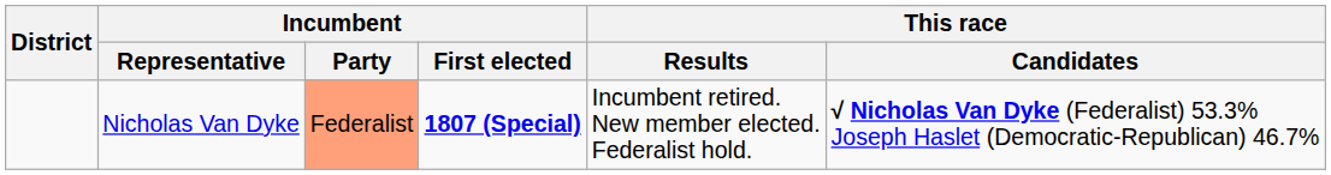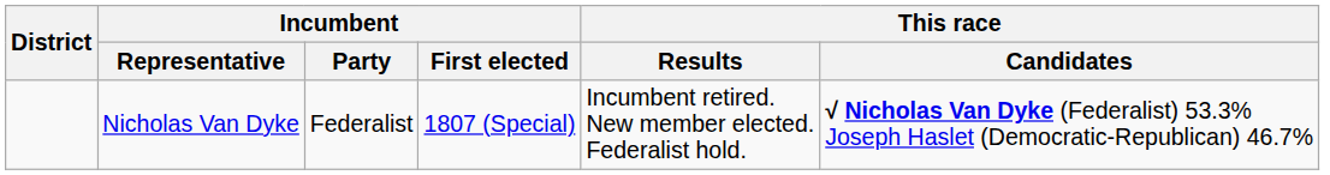 <table class=wikitable>
 <tr>
 <th rowspan=2>District</th>
 <th colspan=3>Incumbent</th>
 <th colspan=2>This race</th>
 </tr>
 <tr>
 <th>Representative</th>
 <th>Party</th>
 <th>First elected</th>
 <th>Results</th>
 <th>Candidates</th>
 </tr>
 <tr>
 <td></td>
 <td><a href='#'>Nicholas Van Dyke</a></td>
-<td style="background: lightsalmon;">Federalist</td>
-<td><strong><a href='#'>1807 (Special)</a></strong></td>
+<td>Federalist</td>
+<td><a href='#'>1807 (Special)</a></td>
 <td>Incumbent retired.<br>New member elected.<br>Federalist hold.</td>
 <td nowrap><strong>√ <a href='#'>Nicholas Van Dyke</a></strong> (Federalist) 53.3%<br><a href='#'>Joseph Haslet</a> (Democratic-Republican) 46.7%</td>
 </tr>
 </table>
